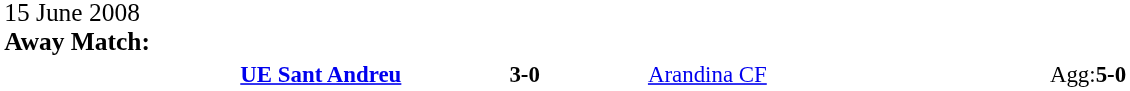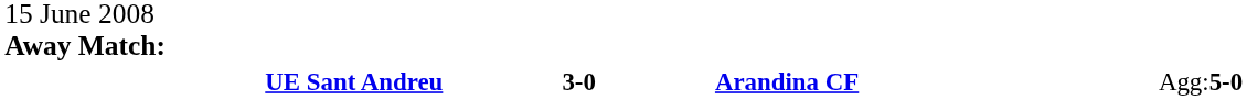 <table width=100% cellspacing=1>
 <tr>
 <th width=20%></th>
 <th width=12%></th>
 <th width=20%></th>
 <th></th>
 </tr>
 <tr>
 <td>15 June 2008<br><strong>Away Match:</strong></td>
 </tr>
 <tr style=font-size:90%>
 <td align=right><strong><a href='#'>UE Sant Andreu</a></strong></td>
 <td align=center><strong>3-0</strong></td>
-<td><a href='#'>Arandina CF</a></td>
+<td><strong><a href='#'>Arandina CF</a></strong></td>
 <td>Agg:<strong>5-0</strong></td>
 </tr>
 </table>
